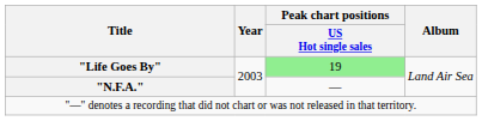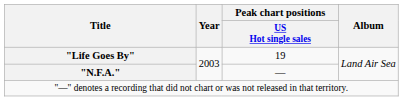 <table class="wikitable plainrowheaders" style="text-align:center;">
 <tr>
 <th scope="col" rowspan="2" style="width:18em;">Title</th>
 <th scope="col" rowspan="2">Year</th>
 <th colspan="1">Peak chart positions</th>
 <th scope="col" rowspan="2">Album</th>
 </tr>
 <tr>
 <th scope="col" style="width:12em;font-size:90%;"><a href='#'>US<br>Hot single sales</a></th>
 </tr>
 <tr>
 <th scope="row">"Life Goes By"</th>
 <td rowspan="2">2003</td>
-<td style="background: lightgreen;">19</td>
+<td>19</td>
 <td rowspan="2"><em>Land Air Sea</em></td>
 </tr>
 <tr>
 <th scope="row">"N.F.A."</th>
 <td>—</td>
 </tr>
 <tr>
 <td colspan="6" style="font-size:90%">"—" denotes a recording that did not chart or was not released in that territory.</td>
 </tr>
 </table>
